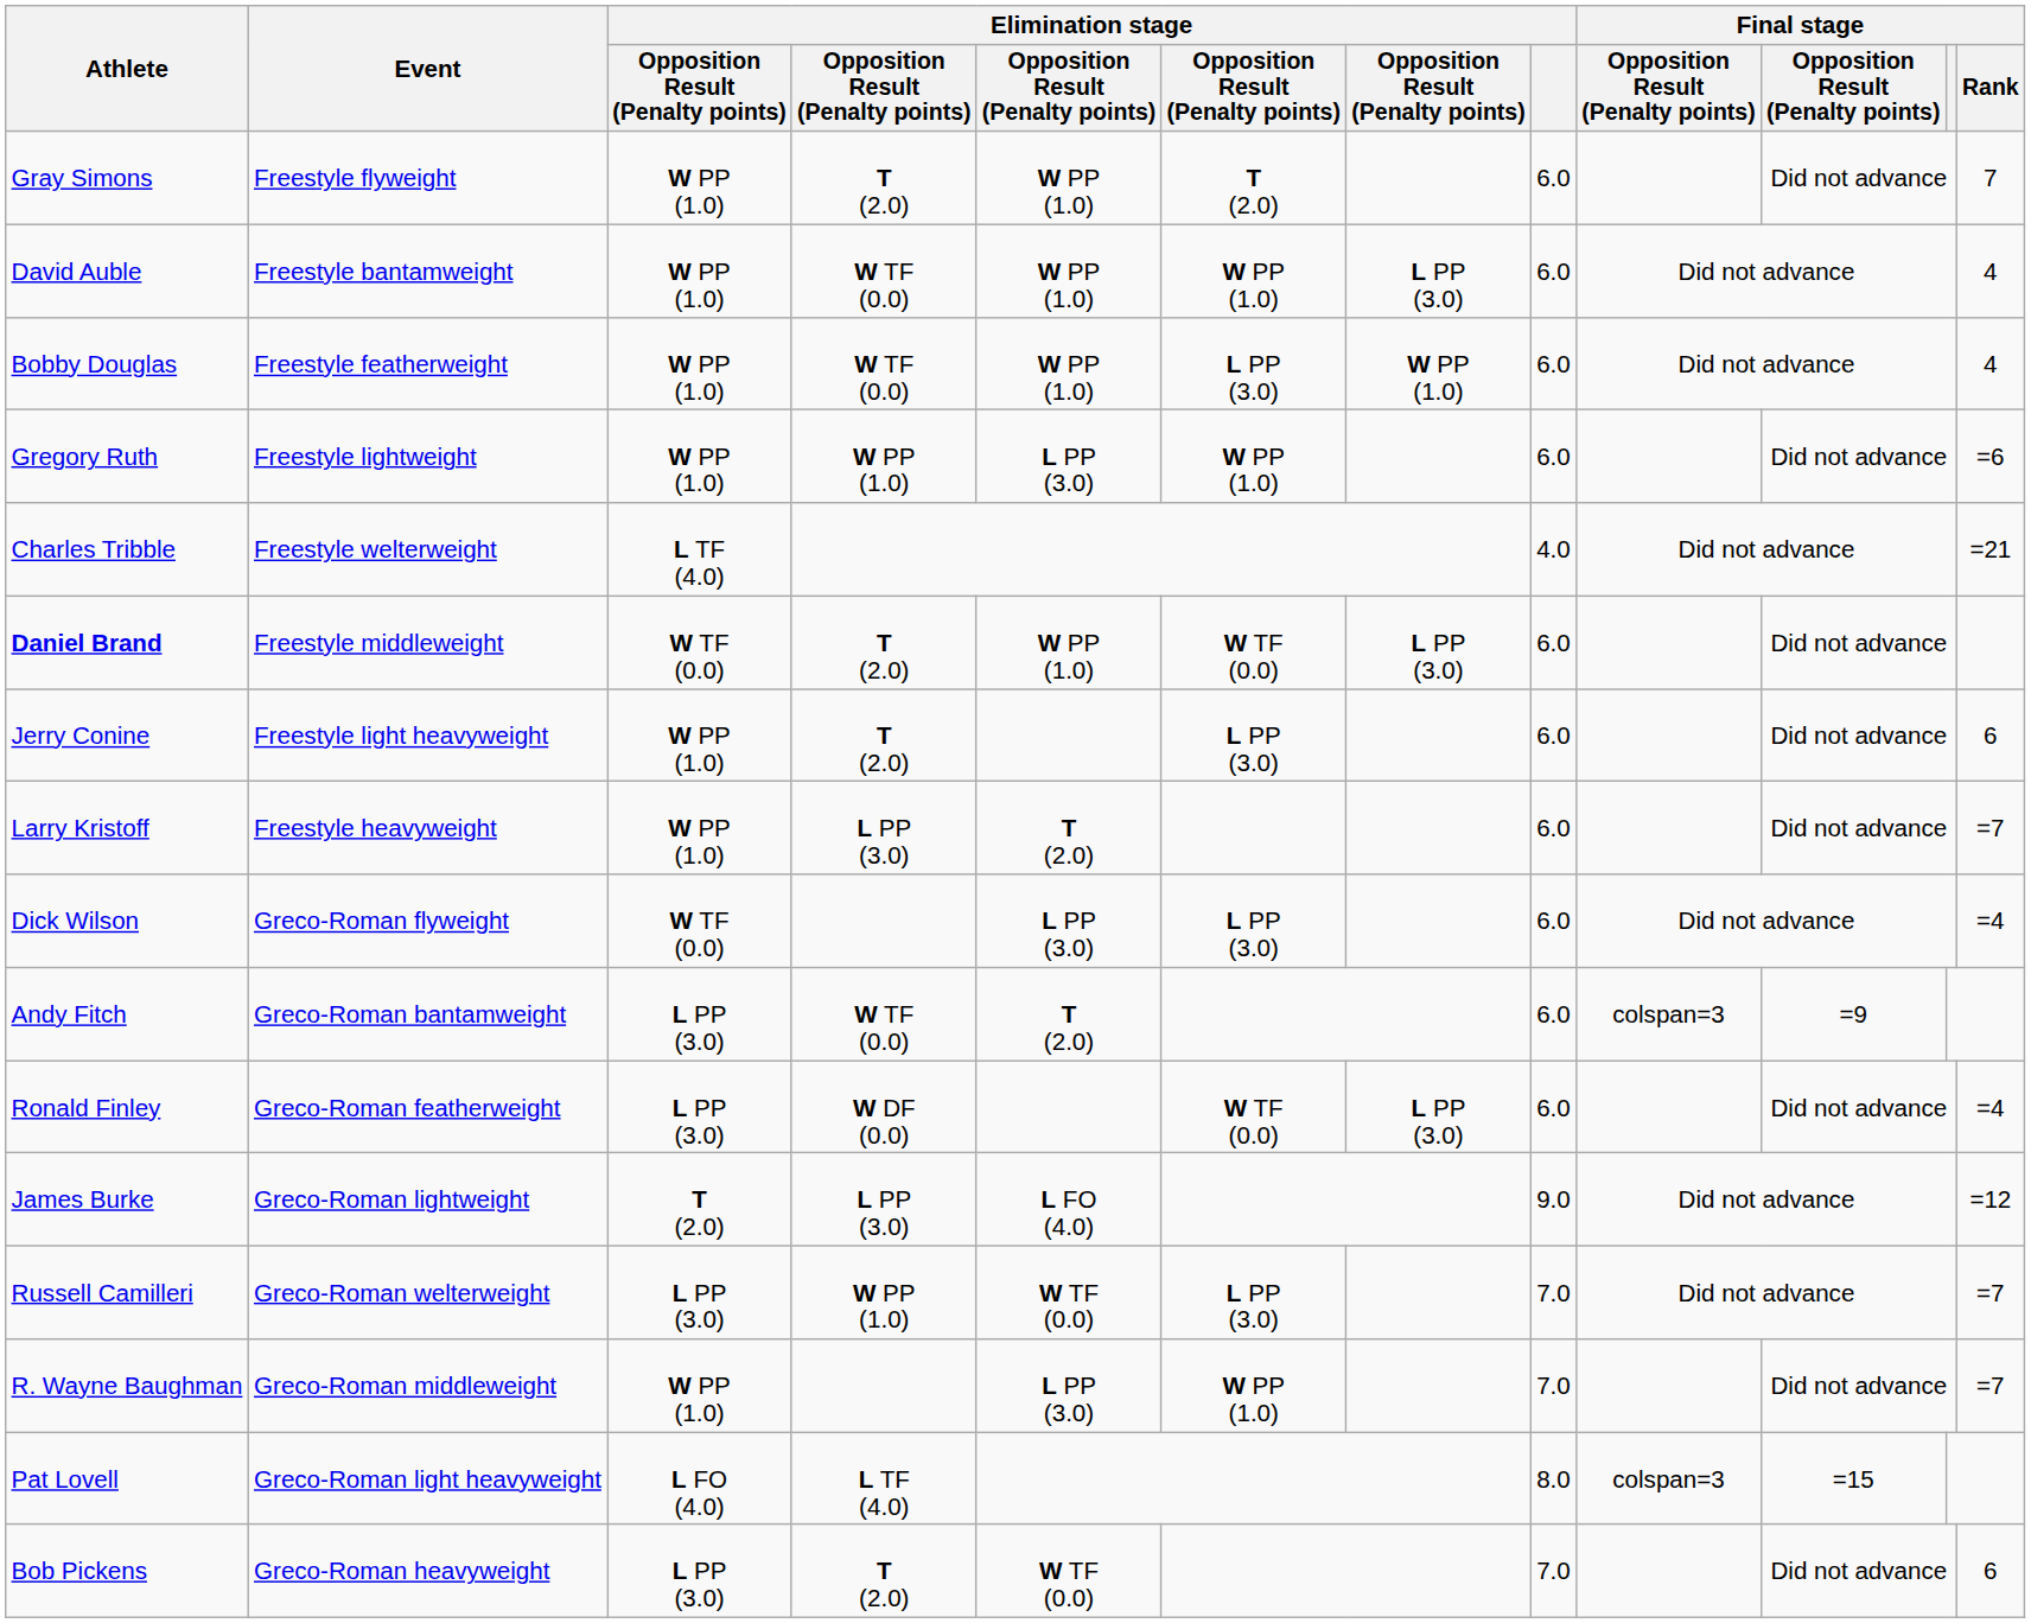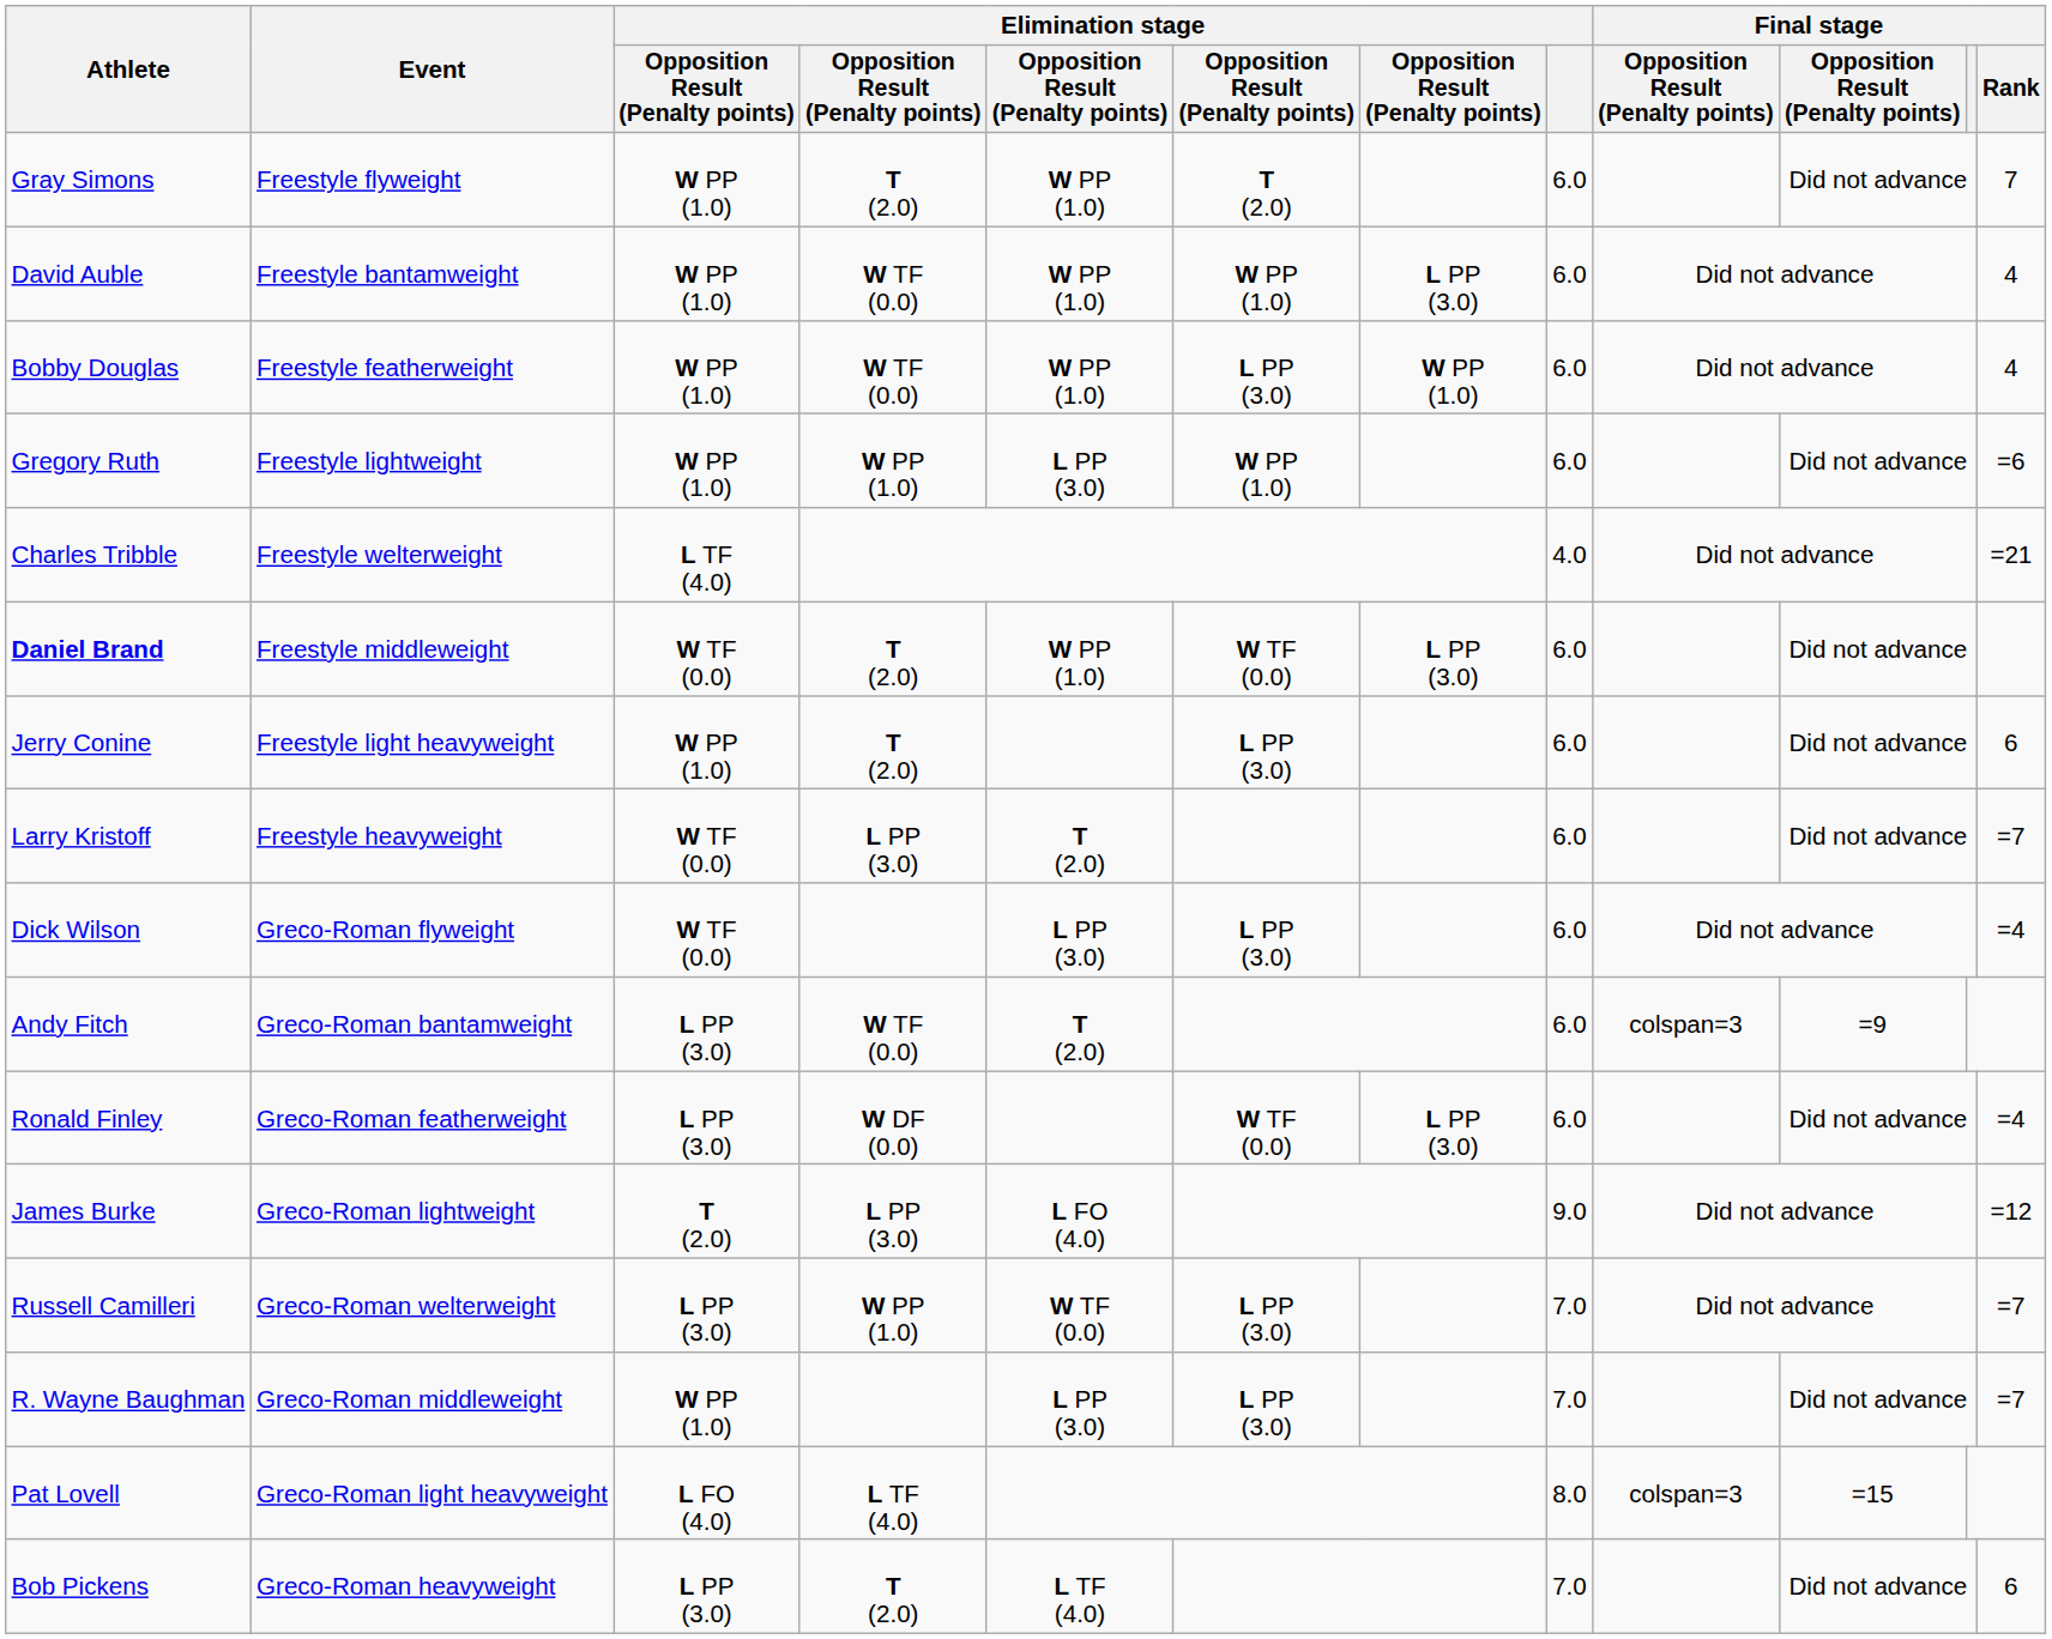 <table class=wikitable style=font-size:90%;text-align:center>
 <tr>
 <th rowspan=2>Athlete</th>
 <th rowspan=2>Event</th>
 <th colspan=6>Elimination stage</th>
 <th colspan=4>Final stage</th>
 </tr>
 <tr style=font-size:95%>
 <th>Opposition<br>Result<br>(Penalty points)</th>
 <th>Opposition<br>Result<br>(Penalty points)</th>
 <th>Opposition<br>Result<br>(Penalty points)</th>
 <th>Opposition<br>Result<br>(Penalty points)</th>
 <th>Opposition<br>Result<br>(Penalty points)</th>
 <th></th>
 <th>Opposition<br>Result<br>(Penalty points)</th>
 <th>Opposition<br>Result<br>(Penalty points)</th>
 <th></th>
 <th>Rank</th>
 </tr>
 <tr>
 <td align=left><a href='#'>Gray Simons</a></td>
 <td align=left><a href='#'>Freestyle flyweight</a></td>
 <td><br><strong>W</strong> PP<br>(1.0)</td>
 <td><br><strong>T</strong><br>(2.0)</td>
 <td><br><strong>W</strong> PP<br>(1.0)</td>
 <td><br><strong>T</strong><br>(2.0)</td>
 <td></td>
 <td>6.0</td>
 <td></td>
 <td colspan=2>Did not advance</td>
 <td>7</td>
 </tr>
 <tr>
 <td align=left><a href='#'>David Auble</a></td>
 <td align=left><a href='#'>Freestyle bantamweight</a></td>
 <td><br><strong>W</strong> PP<br>(1.0)</td>
 <td><br><strong>W</strong> TF<br>(0.0)</td>
 <td><br><strong>W</strong> PP<br>(1.0)</td>
 <td><br><strong>W</strong> PP<br>(1.0)</td>
 <td><br><strong>L</strong> PP<br>(3.0)</td>
 <td>6.0</td>
 <td colspan=3>Did not advance</td>
 <td>4</td>
 </tr>
 <tr>
 <td align=left><a href='#'>Bobby Douglas</a></td>
 <td align=left><a href='#'>Freestyle featherweight</a></td>
 <td><br><strong>W</strong> PP<br>(1.0)</td>
 <td><br><strong>W</strong> TF<br>(0.0)</td>
 <td><br><strong>W</strong> PP<br>(1.0)</td>
 <td><br><strong>L</strong> PP<br>(3.0)</td>
 <td><br><strong>W</strong> PP<br>(1.0)</td>
 <td>6.0</td>
 <td colspan=3>Did not advance</td>
 <td>4</td>
 </tr>
 <tr>
 <td align=left><a href='#'>Gregory Ruth</a></td>
 <td align=left><a href='#'>Freestyle lightweight</a></td>
 <td><br><strong>W</strong> PP<br>(1.0)</td>
 <td><br><strong>W</strong> PP<br>(1.0)</td>
 <td><br><strong>L</strong> PP<br>(3.0)</td>
 <td><br><strong>W</strong> PP<br>(1.0)</td>
 <td></td>
 <td>6.0</td>
 <td></td>
 <td colspan=2>Did not advance</td>
 <td>=6</td>
 </tr>
 <tr>
 <td align=left><a href='#'>Charles Tribble</a></td>
 <td align=left><a href='#'>Freestyle welterweight</a></td>
 <td><br><strong>L</strong> TF<br>(4.0)</td>
 <td colspan=4></td>
 <td>4.0</td>
 <td colspan=3>Did not advance</td>
 <td>=21</td>
 </tr>
 <tr>
 <td align=left><strong><a href='#'>Daniel Brand</a></strong></td>
 <td align=left><a href='#'>Freestyle middleweight</a></td>
 <td><br><strong>W</strong> TF<br>(0.0)</td>
 <td><br><strong>T</strong><br>(2.0)</td>
 <td><br><strong>W</strong> PP<br>(1.0)</td>
 <td><br><strong>W</strong> TF<br>(0.0)</td>
 <td><br><strong>L</strong> PP<br>(3.0)</td>
 <td>6.0</td>
 <td></td>
 <td colspan=2>Did not advance</td>
 <td></td>
 </tr>
 <tr>
 <td align=left><a href='#'>Jerry Conine</a></td>
 <td align=left><a href='#'>Freestyle light heavyweight</a></td>
 <td><br><strong>W</strong> PP<br>(1.0)</td>
 <td><br><strong>T</strong><br>(2.0)</td>
 <td></td>
 <td><br><strong>L</strong> PP<br>(3.0)</td>
 <td></td>
 <td>6.0</td>
 <td></td>
 <td colspan=2>Did not advance</td>
 <td>6</td>
 </tr>
 <tr>
 <td align=left><a href='#'>Larry Kristoff</a></td>
 <td align=left><a href='#'>Freestyle heavyweight</a></td>
-<td><br><strong>W</strong> PP<br>(1.0)</td>
+<td><br><strong>W</strong> TF<br>(0.0)</td>
 <td><br><strong>L</strong> PP<br>(3.0)</td>
 <td><br><strong>T</strong><br>(2.0)</td>
 <td></td>
 <td></td>
 <td>6.0</td>
 <td></td>
 <td colspan=2>Did not advance</td>
 <td>=7</td>
 </tr>
 <tr>
 <td align=left><a href='#'>Dick Wilson</a></td>
 <td align=left><a href='#'>Greco-Roman flyweight</a></td>
 <td><br><strong>W</strong> TF<br>(0.0)</td>
 <td></td>
 <td><br><strong>L</strong> PP<br>(3.0)</td>
 <td><br><strong>L</strong> PP<br>(3.0)</td>
 <td></td>
 <td>6.0</td>
 <td colspan=3>Did not advance</td>
 <td>=4</td>
 </tr>
 <tr>
 <td align=left><a href='#'>Andy Fitch</a></td>
 <td align=left><a href='#'>Greco-Roman bantamweight</a></td>
 <td><br><strong>L</strong> PP<br>(3.0)</td>
 <td><br><strong>W</strong> TF<br>(0.0)</td>
 <td><br><strong>T</strong><br>(2.0)</td>
 <td colspan=2></td>
 <td>6.0</td>
 <td>colspan=3 </td>
 <td>=9</td>
 </tr>
 <tr>
 <td align=left><a href='#'>Ronald Finley</a></td>
 <td align=left><a href='#'>Greco-Roman featherweight</a></td>
 <td><br><strong>L</strong> PP<br>(3.0)</td>
 <td><br><strong>W</strong> DF<br>(0.0)</td>
 <td></td>
 <td><br><strong>W</strong> TF<br>(0.0)</td>
 <td><br><strong>L</strong> PP<br>(3.0)</td>
 <td>6.0</td>
 <td></td>
 <td colspan=2>Did not advance</td>
 <td>=4</td>
 </tr>
 <tr>
 <td align=left><a href='#'>James Burke</a></td>
 <td align=left><a href='#'>Greco-Roman lightweight</a></td>
 <td><br><strong>T</strong><br>(2.0)</td>
 <td><br><strong>L</strong> PP<br>(3.0)</td>
 <td><br><strong>L</strong> FO<br>(4.0)</td>
 <td colspan=2></td>
 <td>9.0</td>
 <td colspan=3>Did not advance</td>
 <td>=12</td>
 </tr>
 <tr>
 <td align=left><a href='#'>Russell Camilleri</a></td>
 <td align=left><a href='#'>Greco-Roman welterweight</a></td>
 <td><br><strong>L</strong> PP<br>(3.0)</td>
 <td><br><strong>W</strong> PP<br>(1.0)</td>
 <td><br><strong>W</strong> TF<br>(0.0)</td>
 <td><br><strong>L</strong> PP<br>(3.0)</td>
 <td></td>
 <td>7.0</td>
 <td colspan=3>Did not advance</td>
 <td>=7</td>
 </tr>
 <tr>
 <td align=left><a href='#'>R. Wayne Baughman</a></td>
 <td align=left><a href='#'>Greco-Roman middleweight</a></td>
 <td><br><strong>W</strong> PP<br>(1.0)</td>
 <td></td>
 <td><br><strong>L</strong> PP<br>(3.0)</td>
-<td><br><strong>W</strong> PP<br>(1.0)</td>
+<td><br><strong>L</strong> PP<br>(3.0)</td>
 <td></td>
 <td>7.0</td>
 <td></td>
 <td colspan=2>Did not advance</td>
 <td>=7</td>
 </tr>
 <tr>
 <td align=left><a href='#'>Pat Lovell</a></td>
 <td align=left><a href='#'>Greco-Roman light heavyweight</a></td>
 <td><br><strong>L</strong> FO<br>(4.0)</td>
 <td><br><strong>L</strong> TF<br>(4.0)</td>
 <td colspan=3></td>
 <td>8.0</td>
 <td>colspan=3 </td>
 <td>=15</td>
 </tr>
 <tr>
 <td align=left><a href='#'>Bob Pickens</a></td>
 <td align=left><a href='#'>Greco-Roman heavyweight</a></td>
 <td><br><strong>L</strong> PP<br>(3.0)</td>
 <td><br><strong>T</strong><br>(2.0)</td>
-<td><br><strong>W</strong> TF<br>(0.0)</td>
+<td><br><strong>L</strong> TF<br>(4.0)</td>
 <td colspan=2></td>
 <td>7.0</td>
 <td></td>
 <td colspan=2>Did not advance</td>
 <td>6</td>
 </tr>
 </table>
